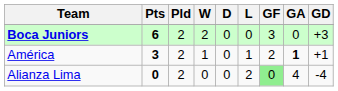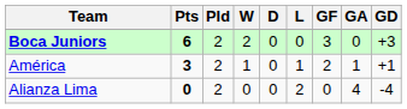 <table class=wikitable style="text-align:center">
 <tr>
 <th width=165>Team</th>
 <th width=20>Pts</th>
 <th width=20>Pld</th>
 <th width=20>W</th>
 <th width=20>D</th>
 <th width=20>L</th>
 <th width=20>GF</th>
 <th width=20>GA</th>
 <th width=20>GD</th>
 </tr>
 <tr>
 </tr>
 <tr>
 </tr>
 <tr style="background:#ccffcc;">
 <td style="text-align:left;"><strong><a href='#'>Boca Juniors</a></strong></td>
 <td><strong>6</strong></td>
 <td>2</td>
 <td>2</td>
 <td>0</td>
 <td>0</td>
 <td>3</td>
 <td>0</td>
 <td>+3</td>
 </tr>
 <tr>
 <td style="text-align:left;"><a href='#'>América</a></td>
 <td><strong>3</strong></td>
 <td>2</td>
 <td>1</td>
 <td>0</td>
 <td>1</td>
 <td>2</td>
-<td><strong>1</strong></td>
+<td>1</td>
 <td>+1</td>
 </tr>
 <tr>
 <td style="text-align:left;"><a href='#'>Alianza Lima</a></td>
 <td><strong>0</strong></td>
 <td>2</td>
 <td>0</td>
 <td>0</td>
 <td>2</td>
-<td style="background: lightgreen;">0</td>
+<td>0</td>
 <td>4</td>
 <td>-4</td>
 </tr>
 </table>
